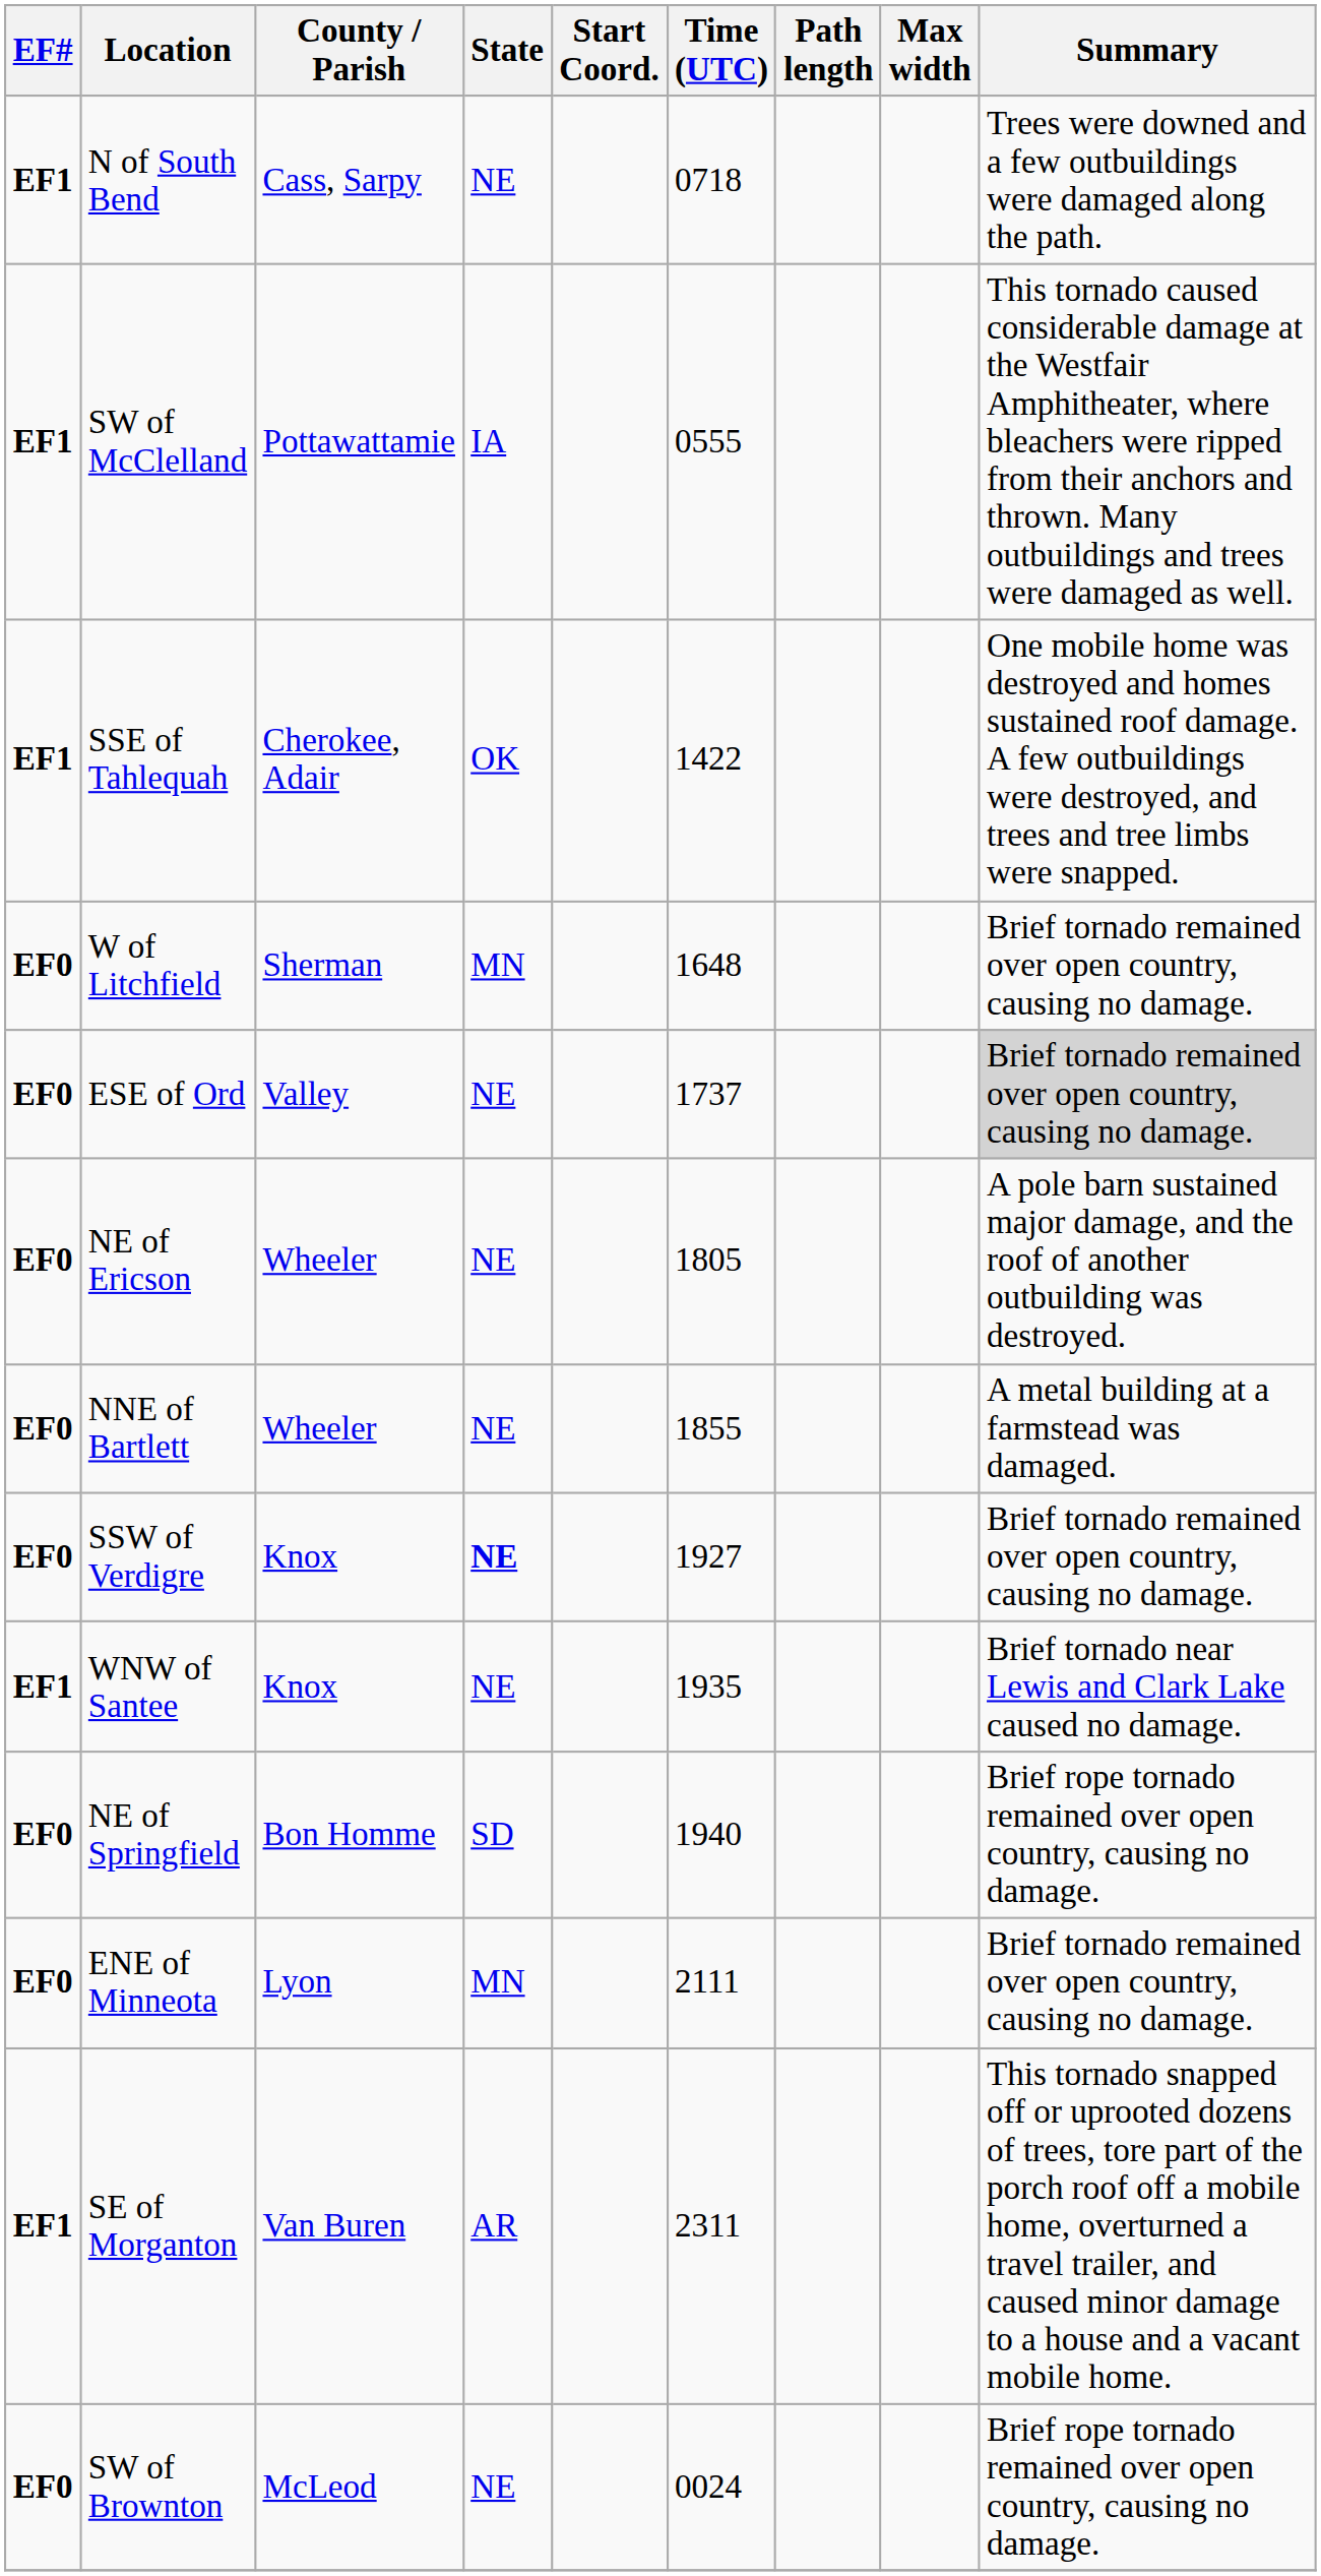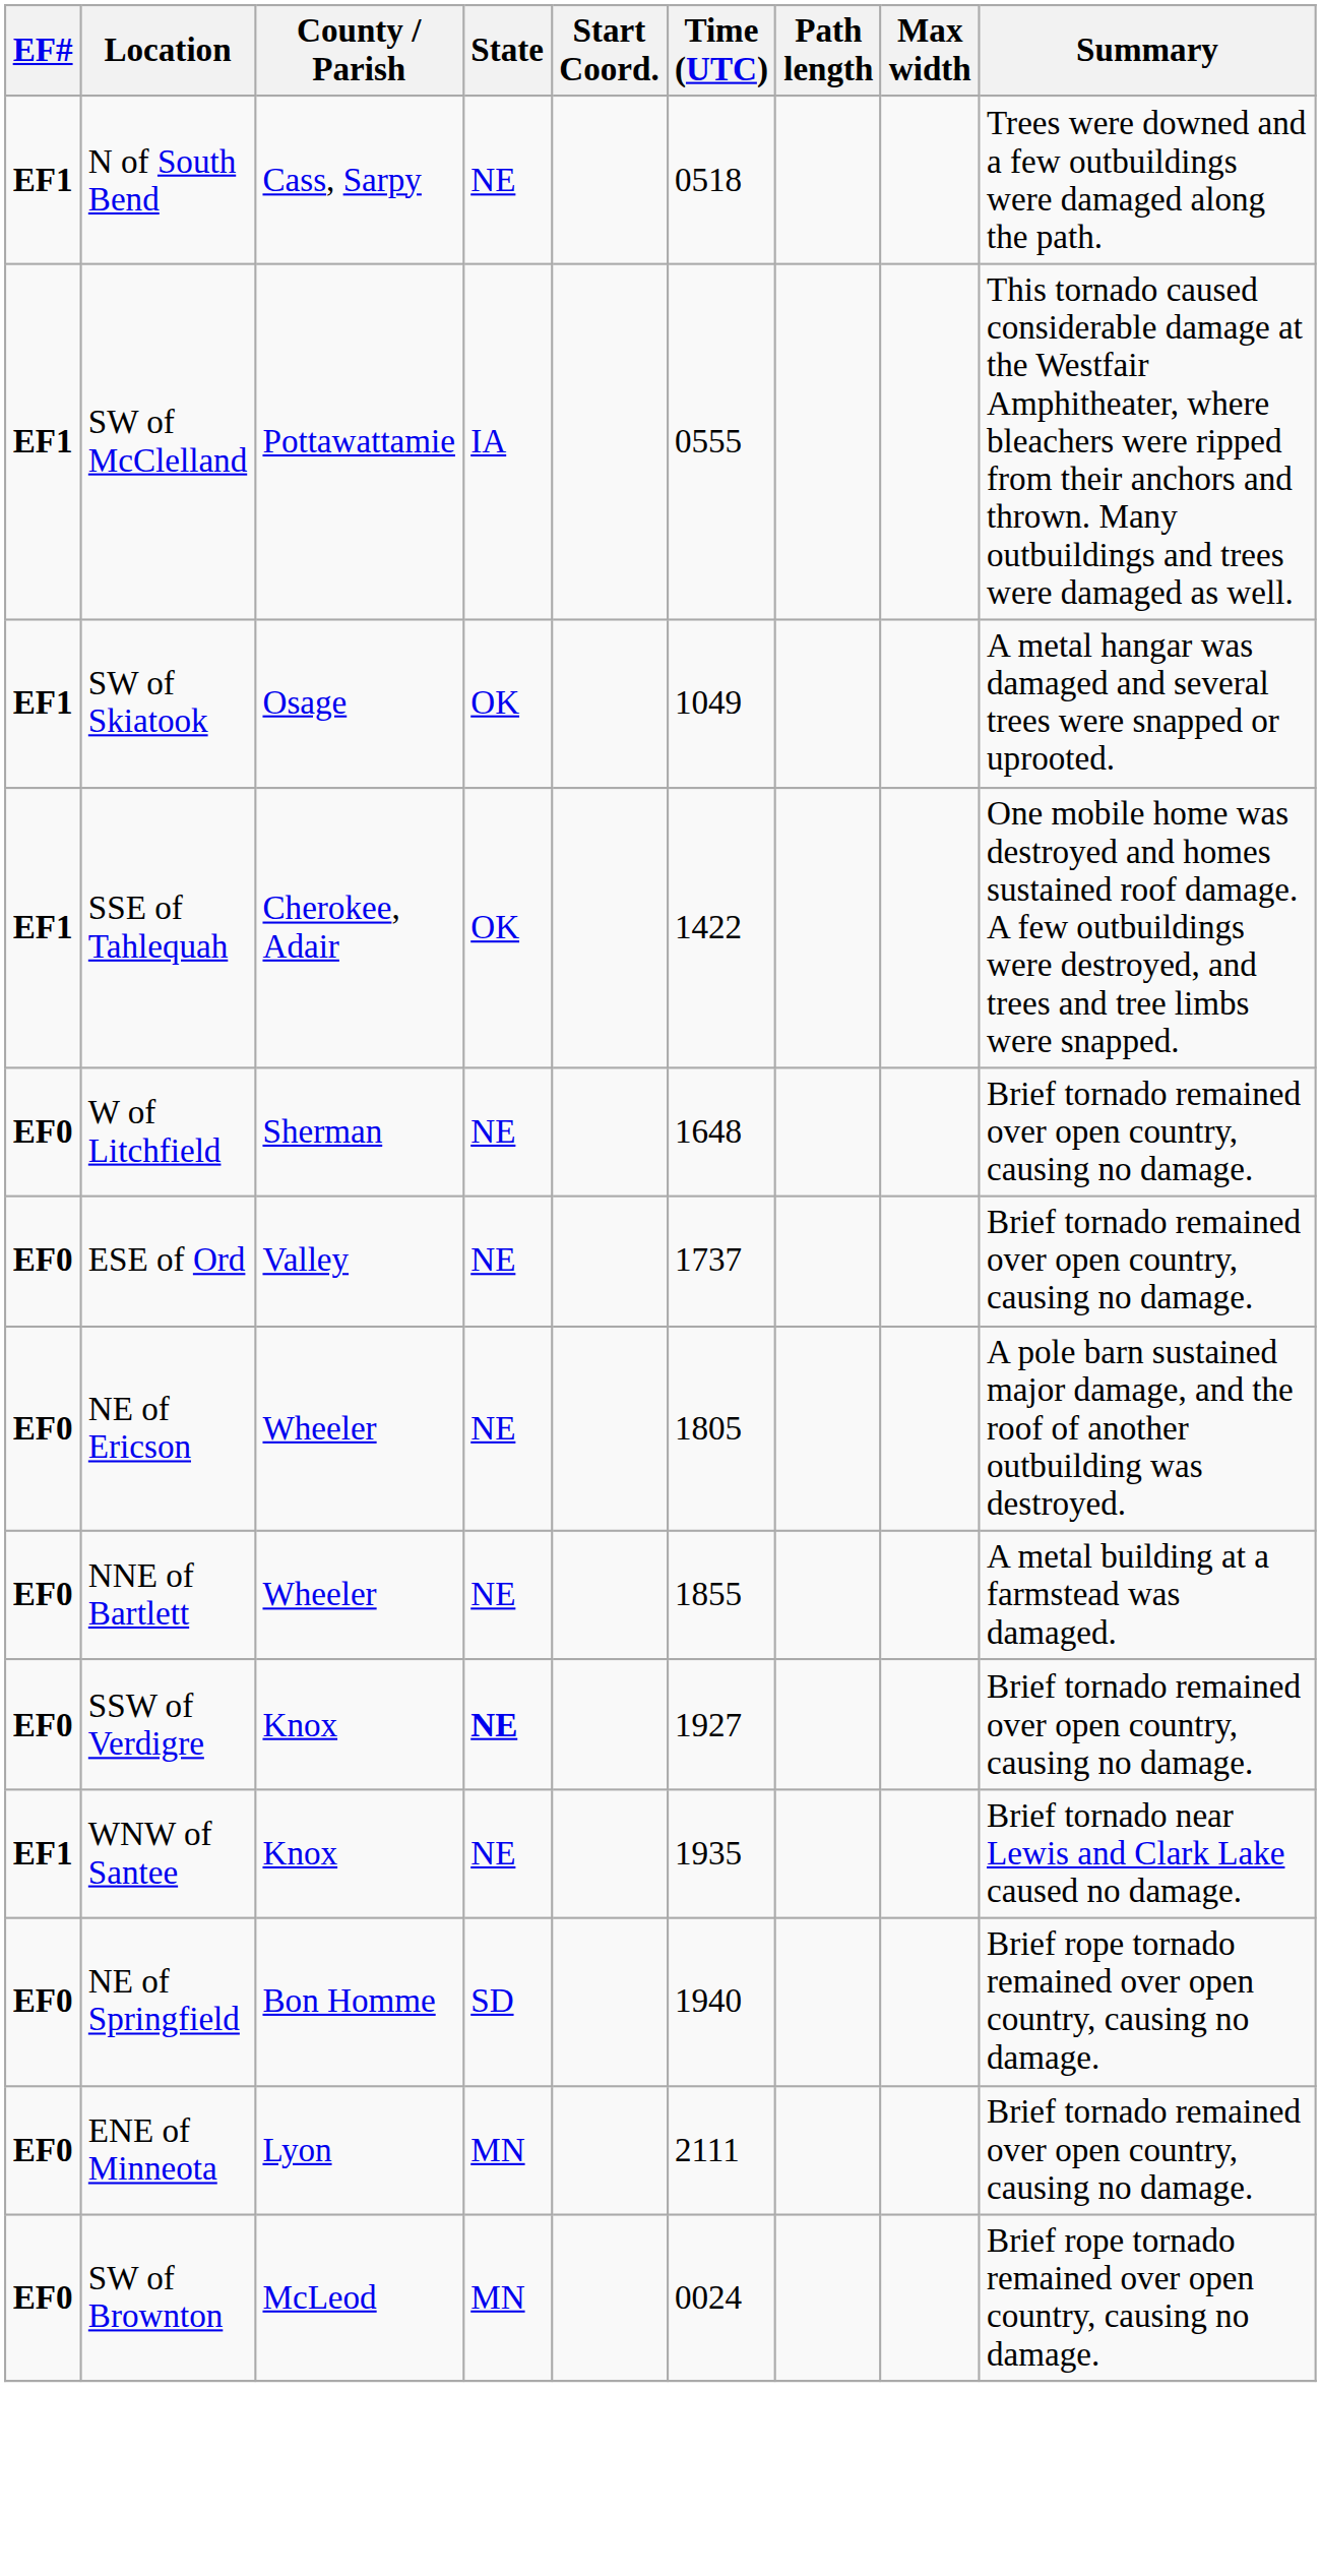 <table class="wikitable sortable" style="width:100%;">
 <tr>
 <th scope="col"  style="width:3%; text-align:center;"><a href='#'>EF#</a></th>
 <th scope="col"  style="width:7%; text-align:center;" class="unsortable">Location</th>
 <th scope="col"  style="width:6%; text-align:center;" class="unsortable">County / Parish</th>
 <th scope="col"  style="width:5%; text-align:center;">State</th>
 <th scope="col"  style="width:6%; text-align:center;">Start Coord.</th>
 <th scope="col"  style="width:6%; text-align:center;">Time (<a href='#'>UTC</a>)</th>
 <th scope="col"  style="width:6%; text-align:center;">Path length</th>
 <th scope="col"  style="width:6%; text-align:center;">Max width</th>
 <th scope="col" class="unsortable" style="width:48%; text-align:center;">Summary</th>
 </tr>
 <tr>
 <td><strong>EF1</strong></td>
 <td>N of <a href='#'>South Bend</a></td>
 <td><a href='#'>Cass</a>, <a href='#'>Sarpy</a></td>
 <td><a href='#'>NE</a></td>
 <td></td>
-<td>0718</td>
+<td>0518</td>
 <td></td>
 <td></td>
 <td>Trees were downed and a few outbuildings were damaged along the path.</td>
 </tr>
 <tr>
 <td><strong>EF1</strong></td>
 <td>SW of <a href='#'>McClelland</a></td>
 <td><a href='#'>Pottawattamie</a></td>
 <td><a href='#'>IA</a></td>
 <td></td>
 <td>0555</td>
 <td></td>
 <td></td>
 <td>This tornado caused considerable damage at the Westfair Amphitheater, where bleachers were ripped from their anchors and thrown. Many outbuildings and trees were damaged as well.</td>
 </tr>
 <tr>
 <td><strong>EF1</strong></td>
+<td>SW of <a href='#'>Skiatook</a></td>
+<td><a href='#'>Osage</a></td>
+<td><a href='#'>OK</a></td>
+<td></td>
+<td>1049</td>
+<td></td>
+<td></td>
+<td>A metal hangar was damaged and several trees were snapped or uprooted.</td>
+</tr>
+<tr>
+<td><strong>EF1</strong></td>
 <td>SSE of <a href='#'>Tahlequah</a></td>
 <td><a href='#'>Cherokee</a>, <a href='#'>Adair</a></td>
 <td><a href='#'>OK</a></td>
 <td></td>
 <td>1422</td>
 <td></td>
 <td></td>
 <td>One mobile home was destroyed and homes sustained roof damage. A few outbuildings were destroyed, and trees and tree limbs were snapped.</td>
 </tr>
 <tr>
 <td><strong>EF0</strong></td>
 <td>W of <a href='#'>Litchfield</a></td>
 <td><a href='#'>Sherman</a></td>
-<td><a href='#'>MN</a></td>
+<td><a href='#'>NE</a></td>
 <td></td>
 <td>1648</td>
 <td></td>
 <td></td>
 <td>Brief tornado remained over open country, causing no damage.</td>
 </tr>
 <tr>
 <td><strong>EF0</strong></td>
 <td>ESE of <a href='#'>Ord</a></td>
 <td><a href='#'>Valley</a></td>
 <td><a href='#'>NE</a></td>
 <td></td>
 <td>1737</td>
 <td></td>
 <td></td>
-<td style="background: lightgrey;">Brief tornado remained over open country, causing no damage.</td>
+<td>Brief tornado remained over open country, causing no damage.</td>
 </tr>
 <tr>
 <td><strong>EF0</strong></td>
 <td>NE of <a href='#'>Ericson</a></td>
 <td><a href='#'>Wheeler</a></td>
 <td><a href='#'>NE</a></td>
 <td></td>
 <td>1805</td>
 <td></td>
 <td></td>
 <td>A pole barn sustained major damage, and the roof of another outbuilding was destroyed.</td>
 </tr>
 <tr>
 <td><strong>EF0</strong></td>
 <td>NNE of <a href='#'>Bartlett</a></td>
 <td><a href='#'>Wheeler</a></td>
 <td><a href='#'>NE</a></td>
 <td></td>
 <td>1855</td>
 <td></td>
 <td></td>
 <td>A metal building at a farmstead was damaged.</td>
 </tr>
 <tr>
 <td><strong>EF0</strong></td>
 <td>SSW of <a href='#'>Verdigre</a></td>
 <td><a href='#'>Knox</a></td>
 <td><strong><a href='#'>NE</a></strong></td>
 <td></td>
 <td>1927</td>
 <td></td>
 <td></td>
 <td>Brief tornado remained over open country, causing no damage.</td>
 </tr>
 <tr>
 <td><strong>EF1</strong></td>
 <td>WNW of <a href='#'>Santee</a></td>
 <td><a href='#'>Knox</a></td>
 <td><a href='#'>NE</a></td>
 <td></td>
 <td>1935</td>
 <td></td>
 <td></td>
 <td>Brief tornado near <a href='#'>Lewis and Clark Lake</a> caused no damage.</td>
 </tr>
 <tr>
 <td><strong>EF0</strong></td>
 <td>NE of <a href='#'>Springfield</a></td>
 <td><a href='#'>Bon Homme</a></td>
 <td><a href='#'>SD</a></td>
 <td></td>
 <td>1940</td>
 <td></td>
 <td></td>
 <td>Brief rope tornado remained over open country, causing no damage.</td>
 </tr>
 <tr>
 <td><strong>EF0</strong></td>
 <td>ENE of <a href='#'>Minneota</a></td>
 <td><a href='#'>Lyon</a></td>
 <td><a href='#'>MN</a></td>
 <td></td>
 <td>2111</td>
 <td></td>
 <td></td>
 <td>Brief tornado remained over open country, causing no damage.</td>
 </tr>
 <tr>
-<td><strong>EF1</strong></td>
-<td>SE of <a href='#'>Morganton</a></td>
-<td><a href='#'>Van Buren</a></td>
-<td><a href='#'>AR</a></td>
-<td></td>
-<td>2311</td>
-<td></td>
-<td></td>
-<td>This tornado snapped off or uprooted dozens of trees, tore part of the porch roof off a mobile home, overturned a travel trailer, and caused minor damage to a house and a vacant mobile home.</td>
-</tr>
-<tr>
 <td><strong>EF0</strong></td>
 <td>SW of <a href='#'>Brownton</a></td>
 <td><a href='#'>McLeod</a></td>
-<td><a href='#'>NE</a></td>
+<td><a href='#'>MN</a></td>
 <td></td>
 <td>0024</td>
 <td></td>
 <td></td>
 <td>Brief rope tornado remained over open country, causing no damage.</td>
 </tr>
 <tr>
 </tr>
 </table>
